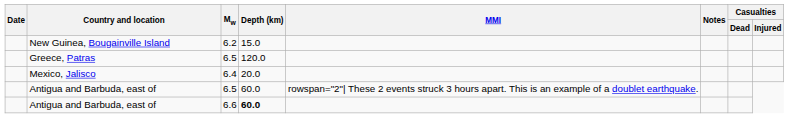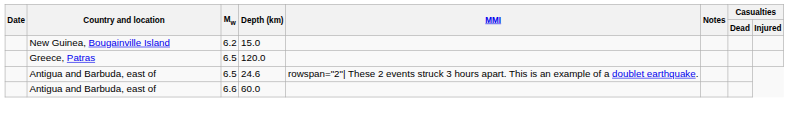 <table class="wikitable sortable sort-under" style="border:1px black; margin-left:1em;">
 <tr>
 <th rowspan="2"><small>Date</small></th>
 <th rowspan="2" style="width: 310px"><small>Country and location</small></th>
 <th rowspan="2"><small>M<sub>w</sub></small></th>
 <th rowspan="2"><small>Depth (km)</small></th>
 <th rowspan="2"><small><a href='#'>MMI</a></small></th>
 <th rowspan="2" class="unsortable"><small>Notes</small></th>
 <th colspan="2"><small>Casualties</small></th>
 </tr>
 <tr>
 <th><small>Dead</small></th>
 <th><small>Injured</small></th>
 </tr>
 <tr>
 <td></td>
 <td>New Guinea, <a href='#'>Bougainville Island</a></td>
 <td>6.2</td>
 <td>15.0</td>
 <td></td>
 <td></td>
 <td></td>
 <td></td>
 </tr>
 <tr>
 <td></td>
 <td>Greece, <a href='#'>Patras</a></td>
 <td>6.5</td>
 <td>120.0</td>
 <td></td>
 <td></td>
 <td></td>
 <td></td>
 </tr>
 <tr>
 <td></td>
-<td>Mexico, <a href='#'>Jalisco</a></td>
-<td>6.4</td>
-<td>20.0</td>
-<td></td>
-<td></td>
-<td></td>
-<td></td>
-</tr>
-<tr>
-<td></td>
 <td>Antigua and Barbuda, east of</td>
 <td>6.5</td>
-<td>60.0</td>
+<td>24.6</td>
 <td>rowspan="2"| These 2 events struck 3 hours apart. This is an example of a <a href='#'>doublet earthquake</a>.</td>
 <td></td>
 <td></td>
 </tr>
 <tr>
 <td></td>
 <td>Antigua and Barbuda, east of</td>
 <td>6.6</td>
-<td><strong>60.0</strong></td>
+<td>60.0</td>
 <td></td>
 <td></td>
 <td></td>
 </tr>
 </table>
